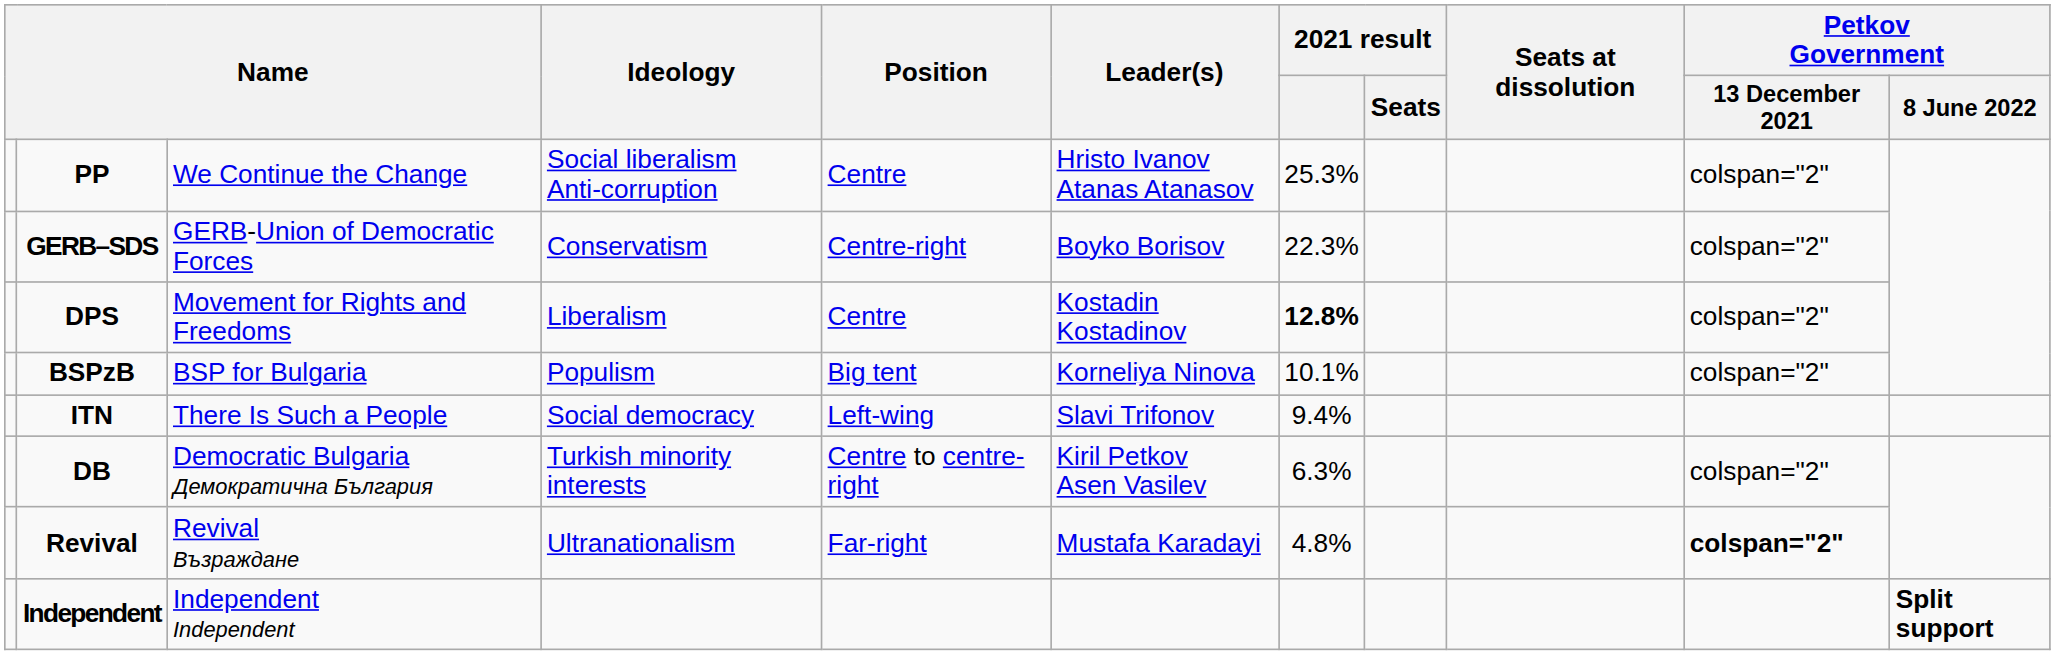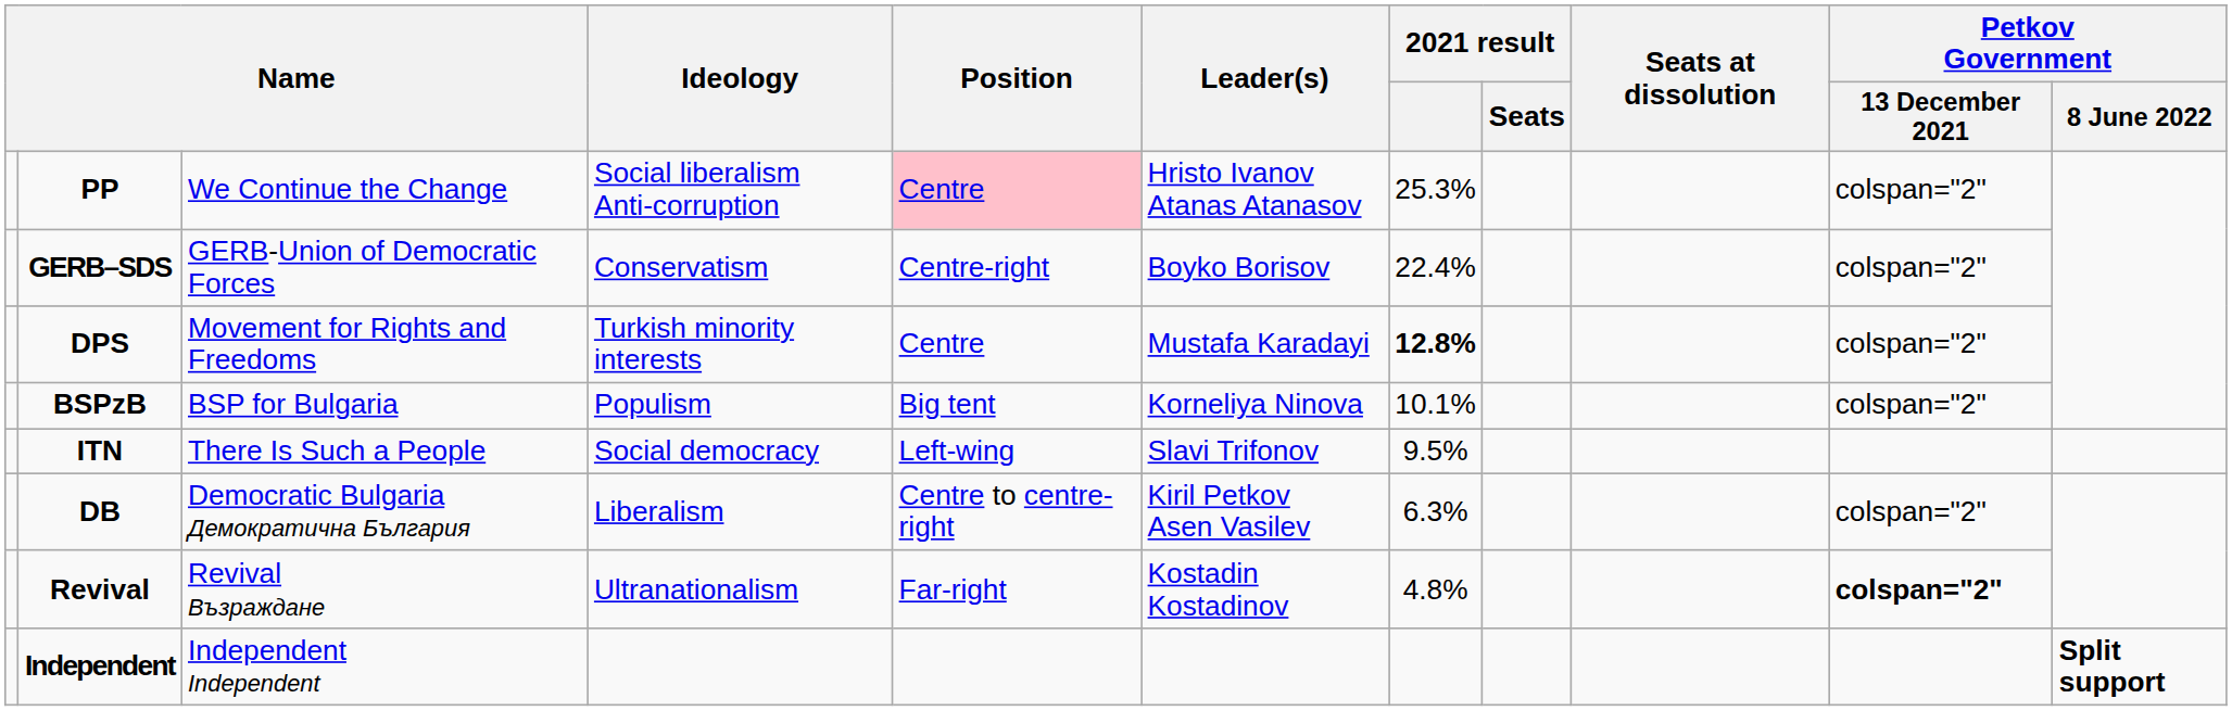 <table class=wikitable>
 <tr>
 <th colspan="4" rowspan="2">Name</th>
 <th rowspan="2">Ideology</th>
 <th rowspan="2">Position</th>
 <th rowspan="2">Leader(s)</th>
 <th colspan="2">2021 result</th>
 <th rowspan="2">Seats at dissolution</th>
 <th colspan="2"><a href='#'>Petkov<br>Government</a></th>
 </tr>
 <tr>
 <th></th>
 <th>Seats</th>
 <th style="font-size:90%">13 December 2021</th>
 <th style="font-size:90%">8 June 2022</th>
 </tr>
 <tr>
 <td style="color:inherit;background:"></td>
 <td colspan="2" style="text-align:center"><strong>PP</strong></td>
 <td><a href='#'>We Continue the Change</a><br></td>
 <td><a href='#'>Social liberalism</a><br><a href='#'>Anti-corruption</a></td>
-<td><a href='#'>Centre</a></td>
+<td style="background: pink;"><a href='#'>Centre</a></td>
 <td><a href='#'>Hristo Ivanov</a><br><a href='#'>Atanas Atanasov</a></td>
 <td style="text-align:center">25.3%</td>
 <td></td>
 <td></td>
 <td>colspan="2" </td>
 </tr>
 <tr>
 <td style="color:inherit;background:"></td>
 <td colspan="2" style="text-align:center;letter-spacing:-1px"><strong>GERB–SDS</strong></td>
 <td><a href='#'>GERB</a>-<a href='#'>Union of Democratic Forces</a><br></td>
 <td><a href='#'>Conservatism</a></td>
 <td><a href='#'>Centre-right</a></td>
 <td><a href='#'>Boyko Borisov</a></td>
-<td style="text-align:center">22.3%</td>
+<td style="text-align:center">22.4%</td>
 <td></td>
 <td></td>
 <td>colspan="2" </td>
 </tr>
 <tr>
 <td style="color:inherit;background:"></td>
 <td colspan="2" style="text-align:center"><strong>DPS</strong></td>
 <td><a href='#'>Movement for Rights and Freedoms</a><br></td>
-<td><a href='#'>Liberalism</a></td>
+<td><a href='#'>Turkish minority interests</a></td>
 <td><a href='#'>Centre</a></td>
-<td><a href='#'>Kostadin Kostadinov</a></td>
+<td><a href='#'>Mustafa Karadayi</a></td>
 <td style="text-align:center"><strong>12.8%</strong></td>
 <td></td>
 <td></td>
 <td>colspan="2" </td>
 </tr>
 <tr>
 <td style="color:inherit;background:"></td>
 <td colspan="2" style="text-align:center"><strong>BSPzB</strong></td>
 <td><a href='#'>BSP for Bulgaria</a><br></td>
 <td><a href='#'>Populism</a></td>
 <td><a href='#'>Big tent</a></td>
 <td><a href='#'>Korneliya Ninova</a></td>
 <td style="text-align:center">10.1%</td>
 <td></td>
 <td></td>
 <td>colspan="2" </td>
 </tr>
 <tr>
 <td style="color:inherit;background:"></td>
 <td colspan="2" style="text-align:center"><strong>ITN</strong></td>
 <td><a href='#'>There Is Such a People</a><br></td>
 <td><a href='#'>Social democracy</a></td>
 <td><a href='#'>Left-wing</a></td>
 <td><a href='#'>Slavi Trifonov</a></td>
-<td style="text-align:center">9.4%</td>
+<td style="text-align:center">9.5%</td>
 <td></td>
 <td></td>
 <td></td>
 <td></td>
 </tr>
 <tr>
 <td style="color:inherit;background:"></td>
 <td colspan="2" style="text-align:center"><strong>DB</strong></td>
 <td><a href='#'>Democratic Bulgaria</a><br><small><em>Демократична България</em></small></td>
-<td><a href='#'>Turkish minority interests</a></td>
+<td><a href='#'>Liberalism</a></td>
 <td><a href='#'>Centre</a> to <a href='#'>centre-right</a></td>
 <td><a href='#'>Kiril Petkov</a><br><a href='#'>Asen Vasilev</a></td>
 <td style="text-align:center">6.3%</td>
 <td></td>
 <td></td>
 <td>colspan="2" </td>
 </tr>
 <tr>
 <td style="color:inherit;background:"></td>
 <td colspan="2" style="text-align:center"><strong>Revival</strong></td>
 <td><a href='#'>Revival</a><br><small><em>Възраждане</em></small></td>
 <td><a href='#'>Ultranationalism</a></td>
 <td><a href='#'>Far-right</a></td>
-<td><a href='#'>Mustafa Karadayi</a></td>
+<td><a href='#'>Kostadin Kostadinov</a></td>
 <td style="text-align:center">4.8%</td>
 <td></td>
 <td></td>
 <td><strong>colspan="2" </strong></td>
 </tr>
 <tr>
 <td style="color:inherit;background:"></td>
 <td colspan="2" style="text-align:center;letter-spacing:-1px"><strong>Independent</strong></td>
 <td><a href='#'>Independent</a><br><small><em>Independent </em></small></td>
 <td></td>
 <td></td>
 <td></td>
 <td></td>
 <td></td>
 <td></td>
 <td></td>
 <td><strong>Split support</strong></td>
 </tr>
 </table>
